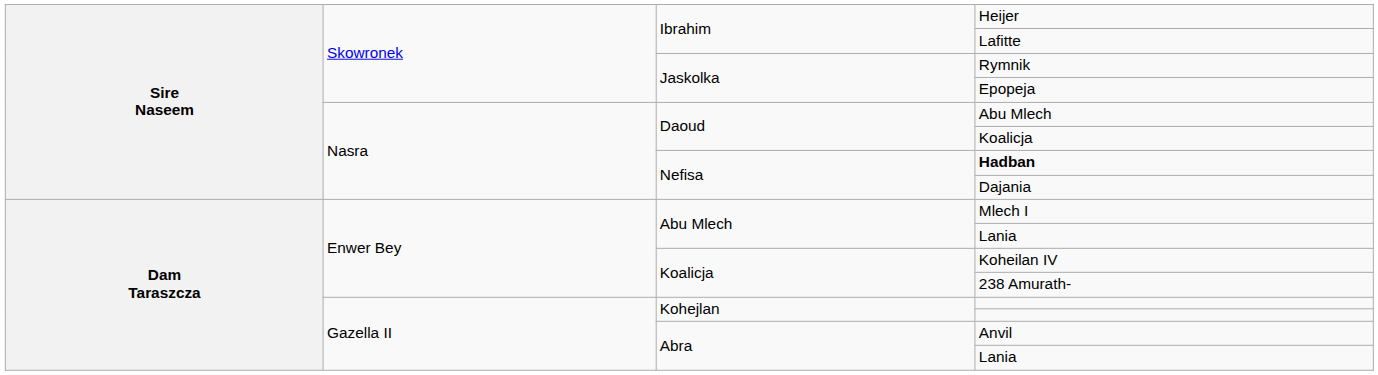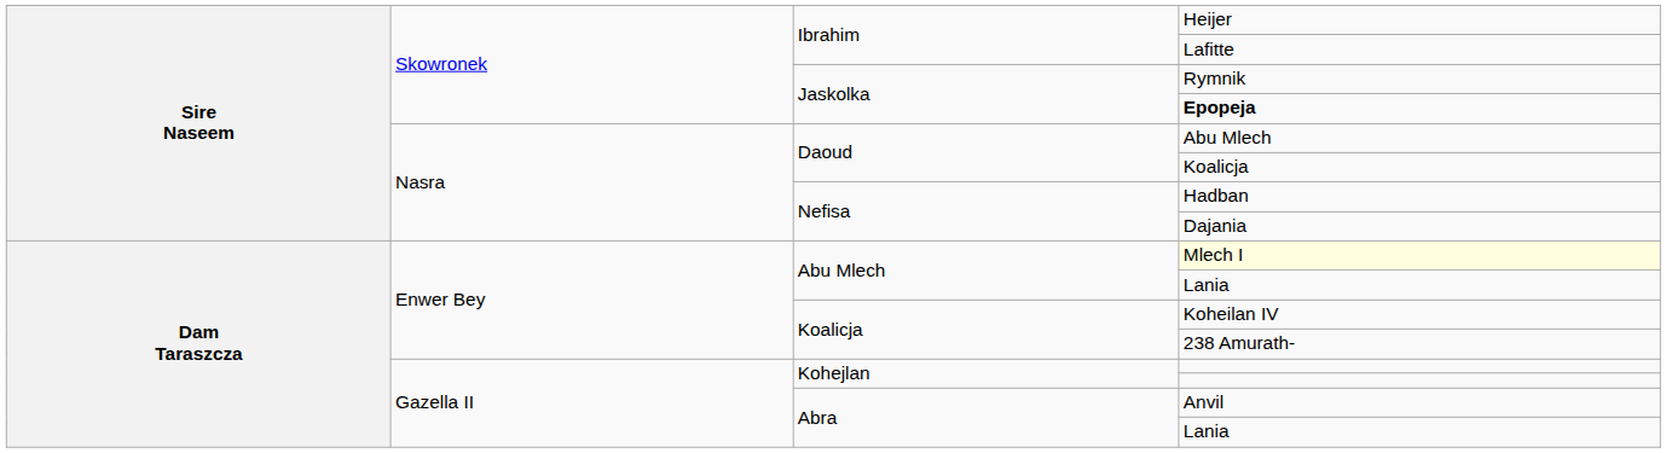 <table class="wikitable" style="clear:both; margin:0em auto; width:90%;">
 <tr>
 <th rowspan="8">Sire<br>Naseem</th>
 <td rowspan="4"><a href='#'>Skowronek</a></td>
 <td rowspan="2">Ibrahim</td>
 <td>Heijer</td>
 </tr>
 <tr>
 <td>Lafitte</td>
 </tr>
 <tr>
 <td rowspan="2">Jaskolka</td>
 <td>Rymnik</td>
 </tr>
 <tr>
-<td>Epopeja</td>
+<td><strong>Epopeja</strong></td>
 </tr>
 <tr>
 <td rowspan="4">Nasra</td>
 <td rowspan="2">Daoud</td>
 <td>Abu Mlech</td>
 </tr>
 <tr>
 <td>Koalicja</td>
 </tr>
 <tr>
 <td rowspan="2">Nefisa</td>
-<td><strong>Hadban</strong></td>
+<td>Hadban</td>
 </tr>
 <tr>
 <td>Dajania</td>
 </tr>
 <tr>
 <th rowspan="8">Dam<br>Taraszcza</th>
 <td rowspan="4">Enwer Bey</td>
 <td rowspan="2">Abu Mlech</td>
-<td>Mlech I</td>
+<td style="background: lightyellow;">Mlech I</td>
 </tr>
 <tr>
 <td>Lania</td>
 </tr>
 <tr>
 <td rowspan="2">Koalicja</td>
 <td>Koheilan IV</td>
 </tr>
 <tr>
 <td>238 Amurath-</td>
 </tr>
 <tr>
 <td rowspan="4">Gazella II</td>
 <td rowspan="2">Kohejlan</td>
 <td></td>
 </tr>
 <tr>
 <td></td>
 </tr>
 <tr>
 <td rowspan="2">Abra</td>
 <td>Anvil</td>
 </tr>
 <tr>
 <td>Lania</td>
 </tr>
 </table>
